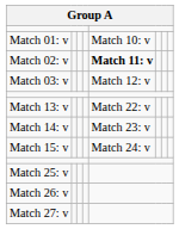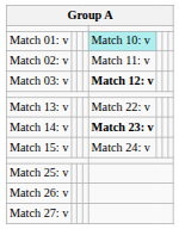 <table class="wikitable" style="text-align: left; font-size: 90%; margin-left: 1em;">
 <tr>
 <th colspan="12">Group A</th>
 </tr>
 <tr>
 <td colspan="4" style="text-align: center;"></td>
 <td colspan="4" style="text-align: center;"></td>
 </tr>
 <tr>
 <td>Match 01:  v </td>
 <td></td>
 <td></td>
 <td></td>
-<td>Match 10:  v </td>
+<td style="background: paleturquoise;">Match 10:  v </td>
 <td></td>
 <td></td>
 <td></td>
 </tr>
 <tr>
 <td>Match 02:  v </td>
 <td></td>
 <td></td>
 <td></td>
-<td><strong>Match 11:  v </strong></td>
+<td>Match 11:  v </td>
 <td></td>
 <td></td>
 <td></td>
 </tr>
 <tr>
 <td>Match 03:  v </td>
 <td></td>
 <td></td>
 <td></td>
-<td>Match 12:  v </td>
+<td><strong>Match 12:  v </strong></td>
 <td></td>
 <td></td>
 <td></td>
 </tr>
 <tr>
 <td colspan="4" style="text-align: center;"></td>
 <td colspan="4" style="text-align: center;"></td>
 </tr>
 <tr>
 <td>Match 13:  v </td>
 <td></td>
 <td></td>
 <td></td>
 <td>Match 22:  v </td>
 <td></td>
 <td></td>
 <td></td>
 </tr>
 <tr>
 <td>Match 14:  v </td>
 <td></td>
 <td></td>
 <td></td>
-<td>Match 23:  v </td>
+<td><strong>Match 23:  v </strong></td>
 <td></td>
 <td></td>
 <td></td>
 </tr>
 <tr>
 <td>Match 15:  v </td>
 <td></td>
 <td></td>
 <td></td>
 <td>Match 24:  v </td>
 <td></td>
 <td></td>
 <td></td>
 </tr>
 <tr>
 <td colspan="4" style="text-align: center;"></td>
 <td colspan="4"></td>
 </tr>
 <tr>
 <td>Match 25:  v </td>
 <td></td>
 <td></td>
 <td></td>
 <td colspan="4"></td>
 </tr>
 <tr>
 <td>Match 26:  v </td>
 <td></td>
 <td></td>
 <td></td>
 <td colspan="4"></td>
 </tr>
 <tr>
 <td>Match 27:  v </td>
 <td></td>
 <td></td>
 <td></td>
 <td colspan="4"></td>
 </tr>
 </table>
